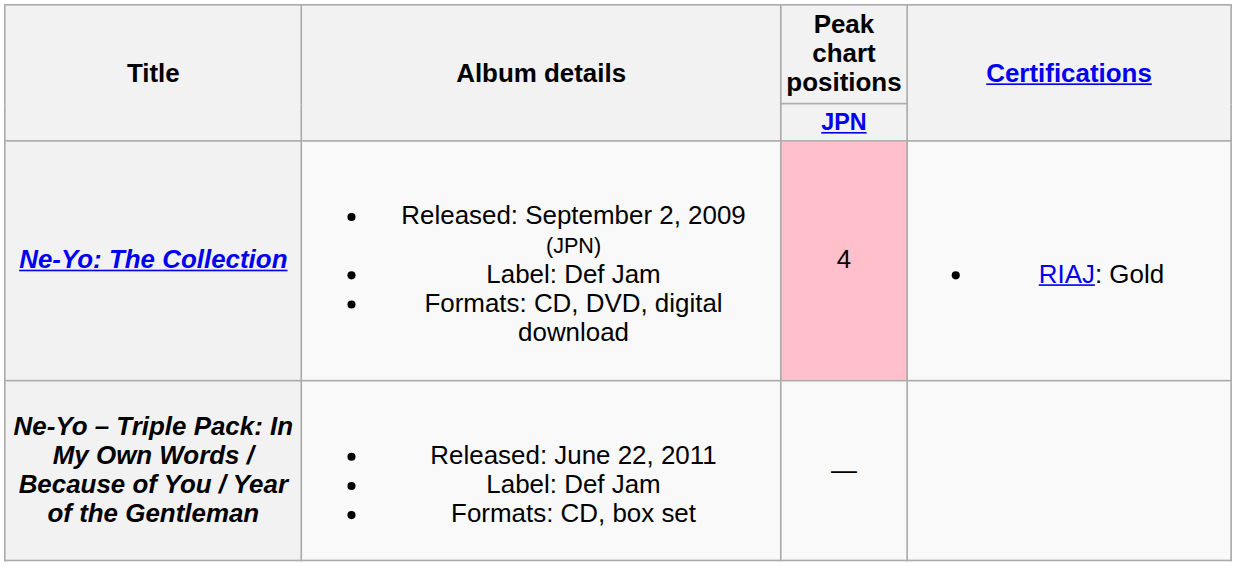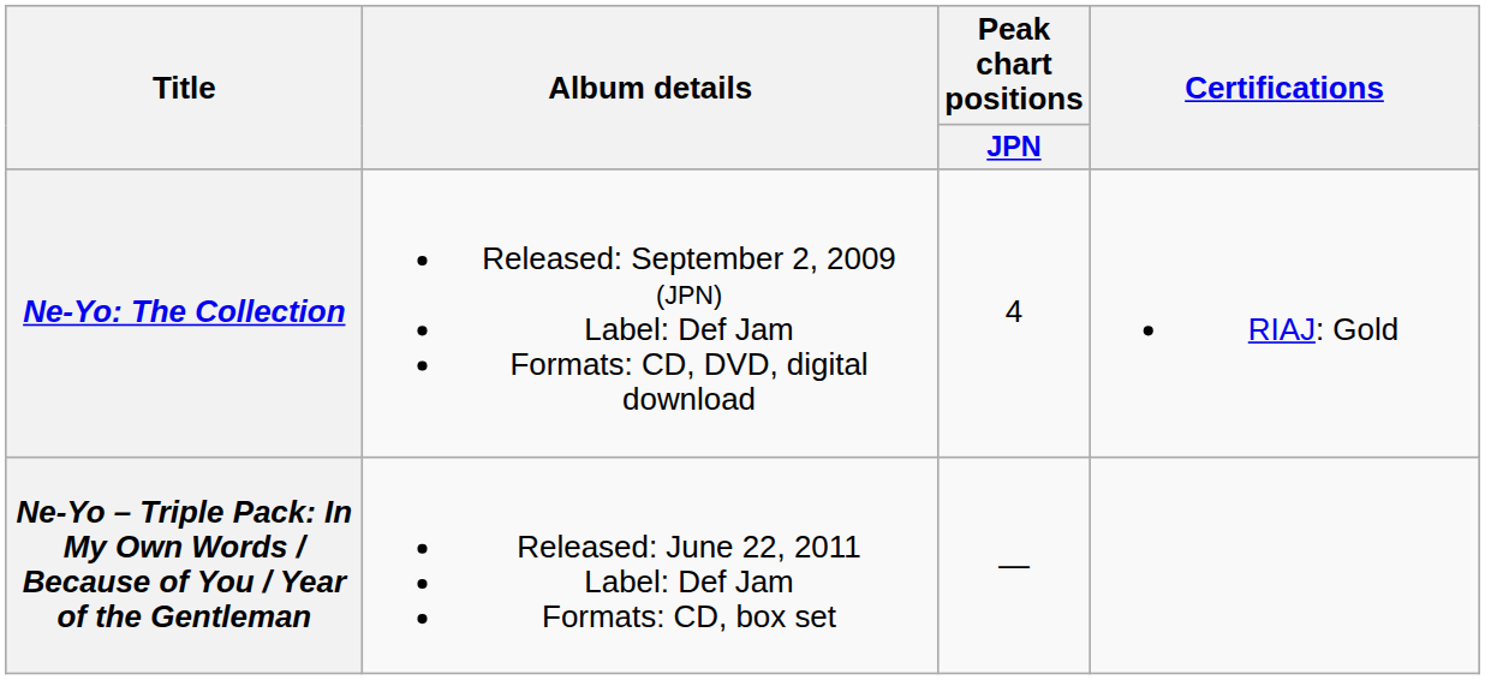 <table class="wikitable plainrowheaders" style="text-align:center;">
 <tr>
 <th scope="col" rowspan="2" style="width:11em;">Title</th>
 <th scope="col" rowspan="2" style="width:18em;">Album details</th>
 <th scope="col" colspan="1">Peak chart positions</th>
 <th scope="col" rowspan="2" style="width:12em;"><a href='#'>Certifications</a></th>
 </tr>
 <tr>
 <th scope="col" style="width:3em;font-size:90%;"><a href='#'>JPN</a><br></th>
 </tr>
 <tr>
 <th scope="row"><em><a href='#'>Ne-Yo: The Collection</a></em></th>
 <td><br><ul><li>Released: September 2, 2009 <small>(JPN)</small></li><li>Label: Def Jam</li><li>Formats: CD, DVD, digital download</li></ul></td>
-<td style="background: pink;">4</td>
+<td>4</td>
 <td><br><ul><li><a href='#'>RIAJ</a>: Gold</li></ul></td>
 </tr>
 <tr>
 <th scope="row"><em>Ne-Yo – Triple Pack: In My Own Words / Because of You / Year of the Gentleman</em></th>
 <td><br><ul><li>Released: June 22, 2011</li><li>Label: Def Jam</li><li>Formats: CD, box set</li></ul></td>
 <td>—</td>
 <td></td>
 </tr>
 </table>
